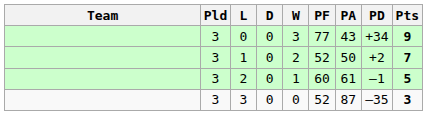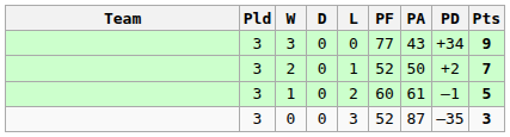 <table class="wikitable" style="text-align:center;">
 <tr>
 <th width="190">Team</th>
 <th width="20" abbr="Played">Pld</th>
+<th width="20" abbr="Won">W</th>
+<th width="20" abbr="Drawn">D</th>
 <th width="20" abbr="Lost">L</th>
-<th width="20" abbr="Drawn">D</th>
-<th width="20" abbr="Won">W</th>
 <th width="20" abbr="Points for">PF</th>
 <th width="20" abbr="Points against">PA</th>
 <th width="25" abbr="Points difference">PD</th>
 <th width="20" abbr="Points">Pts</th>
 </tr>
 <tr style="background:#ccffcc">
 <td align="left"></td>
 <td>3</td>
+<td>3</td>
 <td>0</td>
 <td>0</td>
-<td>3</td>
 <td>77</td>
 <td>43</td>
 <td>+34</td>
 <td><strong>9</strong></td>
 </tr>
 <tr style="background:#ccffcc">
 <td align="left"></td>
 <td>3</td>
+<td>2</td>
+<td>0</td>
 <td>1</td>
-<td>0</td>
-<td>2</td>
 <td>52</td>
 <td>50</td>
 <td>+2</td>
 <td><strong>7</strong></td>
 </tr>
 <tr style="background:#ccffcc">
 <td align="left"></td>
 <td>3</td>
+<td>1</td>
+<td>0</td>
 <td>2</td>
-<td>0</td>
-<td>1</td>
 <td>60</td>
 <td>61</td>
 <td>–1</td>
 <td><strong>5</strong></td>
 </tr>
 <tr>
 <td align="left"></td>
 <td>3</td>
-<td>3</td>
 <td>0</td>
 <td>0</td>
+<td>3</td>
 <td>52</td>
 <td>87</td>
 <td>–35</td>
 <td><strong>3</strong></td>
 </tr>
 </table>
